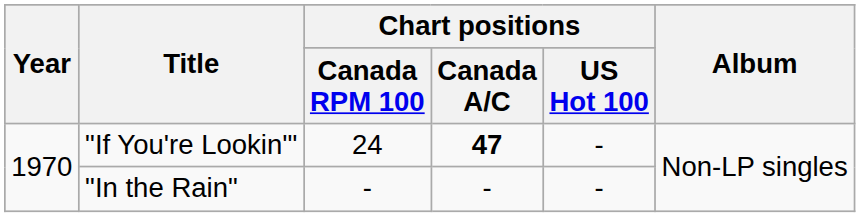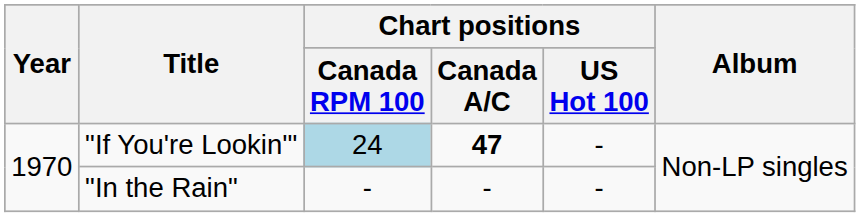 <table class="wikitable">
 <tr>
 <th rowspan="2">Year</th>
 <th rowspan="2">Title</th>
 <th colspan="3">Chart positions</th>
 <th rowspan="2">Album</th>
 </tr>
 <tr>
 <th>Canada<br> <a href='#'>RPM 100</a></th>
 <th>Canada<br> A/C</th>
 <th>US <br><a href='#'>Hot 100</a></th>
 </tr>
 <tr>
 <td rowspan="2">1970</td>
 <td>"If You're Lookin'"</td>
-<td align="center">24</td>
+<td align="center" style="background: lightblue;">24</td>
 <td align="center"><strong>47</strong></td>
 <td align="center">-</td>
 <td rowspan="2">Non-LP singles</td>
 </tr>
 <tr>
 <td>"In the Rain"</td>
 <td align="center">-</td>
 <td align="center">-</td>
 <td align="center">-</td>
 </tr>
 </table>
